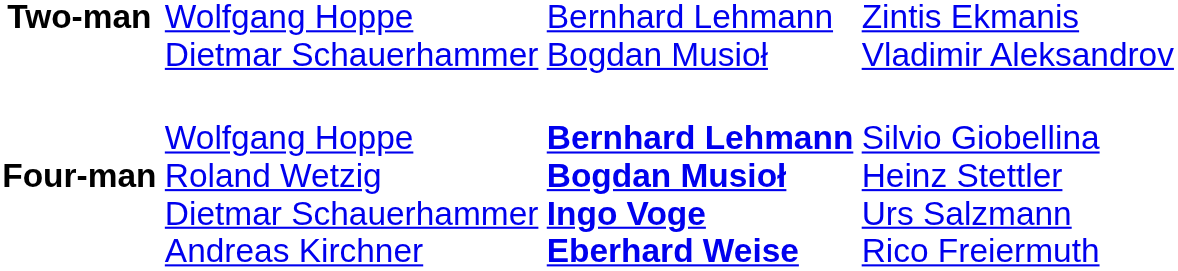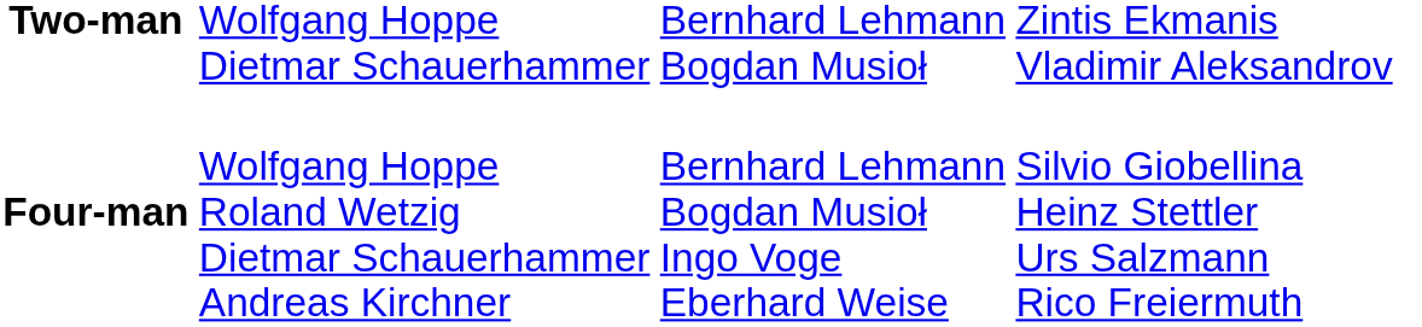 <table>
 <tr>
 <th scope=row>Two-man<br></th>
 <td><br><a href='#'>Wolfgang Hoppe</a><br><a href='#'>Dietmar Schauerhammer</a></td>
 <td><br><a href='#'>Bernhard Lehmann</a><br><a href='#'>Bogdan Musioł</a></td>
 <td><br><a href='#'>Zintis Ekmanis</a><br><a href='#'>Vladimir Aleksandrov</a></td>
 </tr>
 <tr>
 <th scope=row>Four-man<br></th>
 <td><br><a href='#'>Wolfgang Hoppe</a><br><a href='#'>Roland Wetzig</a><br><a href='#'>Dietmar Schauerhammer</a><br><a href='#'>Andreas Kirchner</a></td>
-<td><strong><br><a href='#'>Bernhard Lehmann</a><br><a href='#'>Bogdan Musioł</a><br><a href='#'>Ingo Voge</a><br><a href='#'>Eberhard Weise</a></strong></td>
+<td><br><a href='#'>Bernhard Lehmann</a><br><a href='#'>Bogdan Musioł</a><br><a href='#'>Ingo Voge</a><br><a href='#'>Eberhard Weise</a></td>
 <td><br><a href='#'>Silvio Giobellina</a><br><a href='#'>Heinz Stettler</a><br><a href='#'>Urs Salzmann</a><br><a href='#'>Rico Freiermuth</a></td>
 </tr>
 </table>
